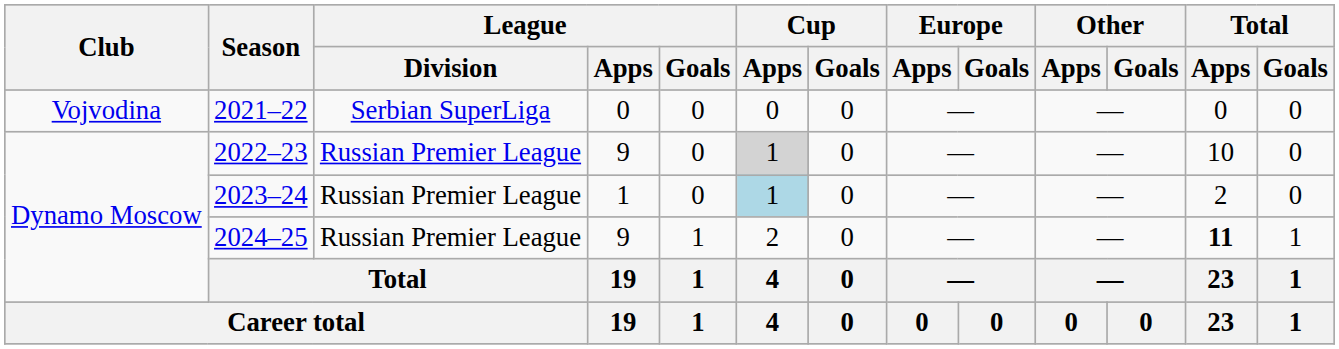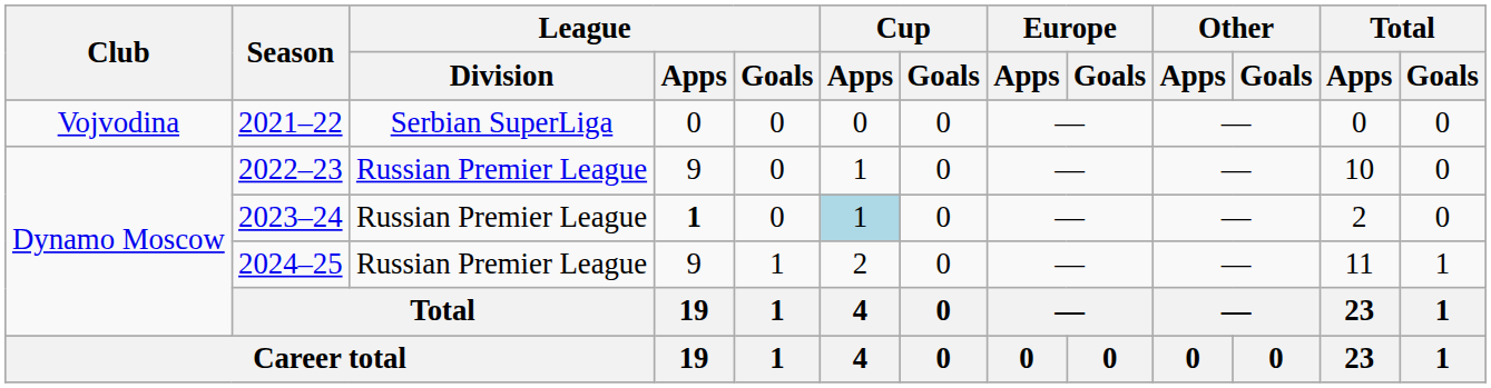 <table class="wikitable" style="text-align:center">
 <tr>
 <th rowspan="2">Club</th>
 <th rowspan="2">Season</th>
 <th colspan="3">League</th>
 <th colspan="2">Cup</th>
 <th colspan="2">Europe</th>
 <th colspan="2">Other</th>
 <th colspan="2">Total</th>
 </tr>
 <tr>
 <th>Division</th>
 <th>Apps</th>
 <th>Goals</th>
 <th>Apps</th>
 <th>Goals</th>
 <th>Apps</th>
 <th>Goals</th>
 <th>Apps</th>
 <th>Goals</th>
 <th>Apps</th>
 <th>Goals</th>
 </tr>
 <tr>
 <td><a href='#'>Vojvodina</a></td>
 <td><a href='#'>2021–22</a></td>
 <td><a href='#'>Serbian SuperLiga</a></td>
 <td>0</td>
 <td>0</td>
 <td>0</td>
 <td>0</td>
 <td colspan="2">—</td>
 <td colspan="2">—</td>
 <td>0</td>
 <td>0</td>
 </tr>
 <tr>
 <td rowspan="4"><a href='#'>Dynamo Moscow</a></td>
 <td><a href='#'>2022–23</a></td>
 <td><a href='#'>Russian Premier League</a></td>
 <td>9</td>
 <td>0</td>
-<td style="background: lightgrey;">1</td>
+<td>1</td>
 <td>0</td>
 <td colspan="2">—</td>
 <td colspan="2">—</td>
 <td>10</td>
 <td>0</td>
 </tr>
 <tr>
 <td><a href='#'>2023–24</a></td>
 <td>Russian Premier League</td>
-<td>1</td>
+<td><strong>1</strong></td>
 <td>0</td>
 <td style="background: lightblue;">1</td>
 <td>0</td>
 <td colspan="2">—</td>
 <td colspan="2">—</td>
 <td>2</td>
 <td>0</td>
 </tr>
 <tr>
 <td><a href='#'>2024–25</a></td>
 <td>Russian Premier League</td>
 <td>9</td>
 <td>1</td>
 <td>2</td>
 <td>0</td>
 <td colspan="2">—</td>
 <td colspan="2">—</td>
-<td><strong>11</strong></td>
+<td>11</td>
 <td>1</td>
 </tr>
 <tr>
 <th colspan="2">Total</th>
 <th>19</th>
 <th>1</th>
 <th>4</th>
 <th>0</th>
 <th colspan="2">—</th>
 <th colspan="2">—</th>
 <th>23</th>
 <th>1</th>
 </tr>
 <tr>
 <th colspan="3">Career total</th>
 <th>19</th>
 <th>1</th>
 <th>4</th>
 <th>0</th>
 <th>0</th>
 <th>0</th>
 <th>0</th>
 <th>0</th>
 <th>23</th>
 <th>1</th>
 </tr>
 </table>
